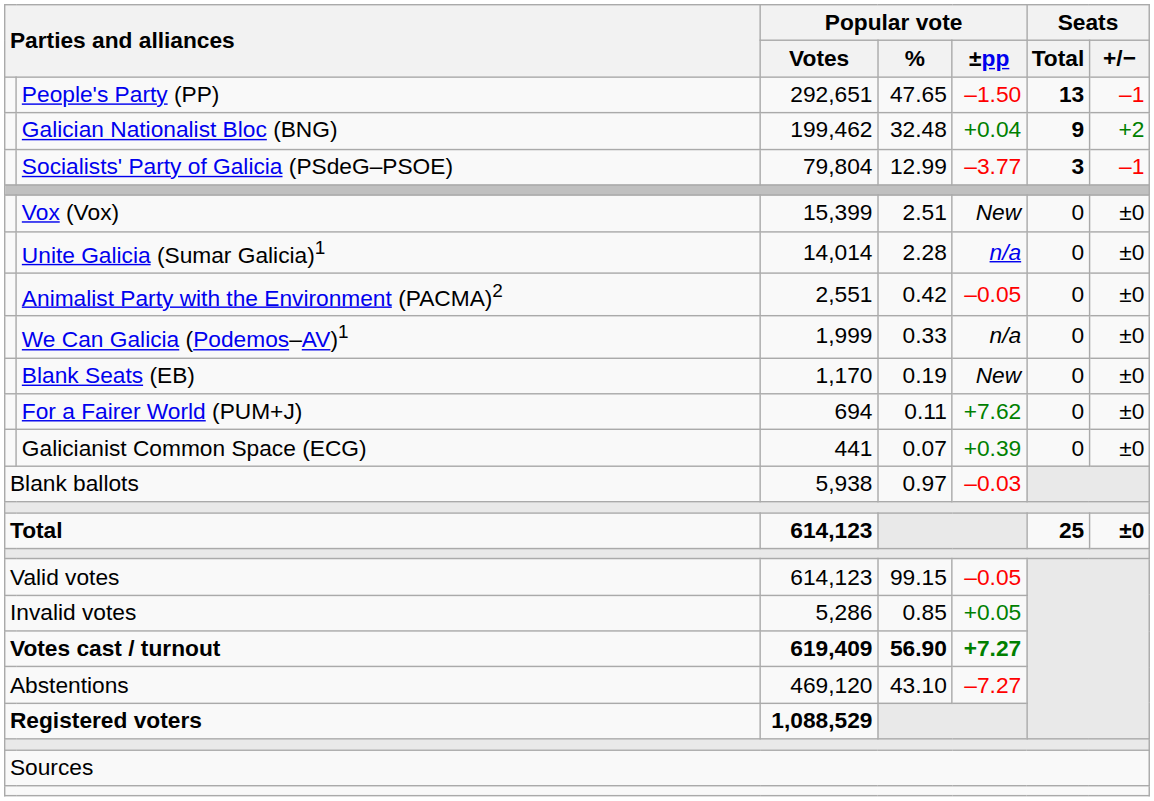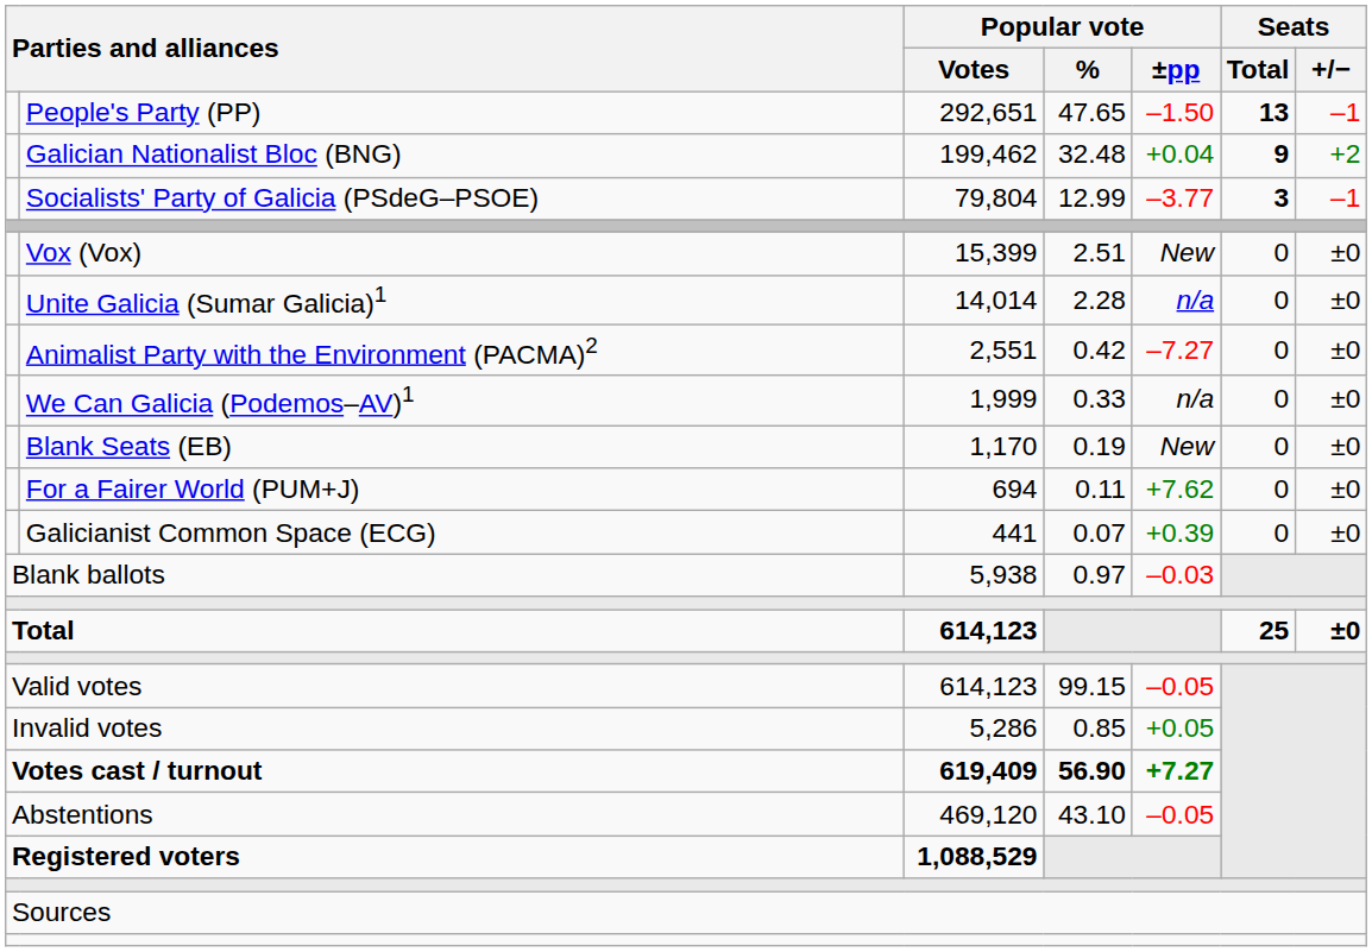 <table class="wikitable" style="text-align:right;">
 <tr>
 <th style="text-align:left;" rowspan="2" colspan="2" width="525">Parties and alliances</th>
 <th colspan="3">Popular vote</th>
 <th colspan="2">Seats</th>
 </tr>
 <tr>
 <th width="75">Votes</th>
 <th width="45">%</th>
 <th width="45">±<a href='#'>pp</a></th>
 <th width="35">Total</th>
 <th width="35">+/−</th>
 </tr>
 <tr>
 <td width="1" style="color:inherit;background:"></td>
 <td align="left"><a href='#'>People's Party</a> (PP)</td>
 <td>292,651</td>
 <td>47.65</td>
 <td style="color:red;">–1.50</td>
 <td><strong>13</strong></td>
 <td style="color:red;">–1</td>
 </tr>
 <tr>
 <td style="color:inherit;background:"></td>
 <td align="left"><a href='#'>Galician Nationalist Bloc</a> (BNG)</td>
 <td>199,462</td>
 <td>32.48</td>
 <td style="color:green;">+0.04</td>
 <td><strong>9</strong></td>
 <td style="color:green;">+2</td>
 </tr>
 <tr>
 <td style="color:inherit;background:"></td>
 <td align="left"><a href='#'>Socialists' Party of Galicia</a> (PSdeG–PSOE)</td>
 <td>79,804</td>
 <td>12.99</td>
 <td style="color:red;">–3.77</td>
 <td><strong>3</strong></td>
 <td style="color:red;">–1</td>
 </tr>
 <tr>
 <td colspan="7" bgcolor="#C0C0C0"></td>
 </tr>
 <tr>
 <td style="color:inherit;background:"></td>
 <td align="left"><a href='#'>Vox</a> (Vox)</td>
 <td>15,399</td>
 <td>2.51</td>
 <td><em>New</em></td>
 <td>0</td>
 <td>±0</td>
 </tr>
 <tr>
 <td style="color:inherit;background:"></td>
 <td align="left"><a href='#'>Unite Galicia</a> (Sumar Galicia)<sup>1</sup></td>
 <td>14,014</td>
 <td>2.28</td>
 <td><em><a href='#'>n/a</a></em></td>
 <td>0</td>
 <td>±0</td>
 </tr>
 <tr>
 <td style="color:inherit;background:"></td>
 <td align="left"><a href='#'>Animalist Party with the Environment</a> (PACMA)<sup>2</sup></td>
 <td>2,551</td>
 <td>0.42</td>
-<td style="color:red;">–0.05</td>
+<td style="color:red;">–7.27</td>
 <td>0</td>
 <td>±0</td>
 </tr>
 <tr>
 <td style="color:inherit;background:"></td>
 <td align="left"><a href='#'>We Can Galicia</a> (<a href='#'>Podemos</a>–<a href='#'>AV</a>)<sup>1</sup></td>
 <td>1,999</td>
 <td>0.33</td>
 <td><em>n/a</em></td>
 <td>0</td>
 <td>±0</td>
 </tr>
 <tr>
 <td style="color:inherit;background:"></td>
 <td align="left"><a href='#'>Blank Seats</a> (EB)</td>
 <td>1,170</td>
 <td>0.19</td>
 <td><em>New</em></td>
 <td>0</td>
 <td>±0</td>
 </tr>
 <tr>
 <td style="color:inherit;background:"></td>
 <td align="left"><a href='#'>For a Fairer World</a> (PUM+J)</td>
 <td>694</td>
 <td>0.11</td>
 <td style="color:green;">+7.62</td>
 <td>0</td>
 <td>±0</td>
 </tr>
 <tr>
 <td style="color:inherit;background:"></td>
 <td align="left">Galicianist Common Space (ECG)</td>
 <td>441</td>
 <td>0.07</td>
 <td style="color:green;">+0.39</td>
 <td>0</td>
 <td>±0</td>
 </tr>
 <tr>
 <td align="left" colspan="2">Blank ballots</td>
 <td>5,938</td>
 <td>0.97</td>
 <td style="color:red;">–0.03</td>
 <td bgcolor="#E9E9E9" colspan="2"></td>
 </tr>
 <tr>
 <td colspan="7" bgcolor="#E9E9E9"></td>
 </tr>
 <tr style="font-weight:bold;">
 <td align="left" colspan="2">Total</td>
 <td>614,123</td>
 <td bgcolor="#E9E9E9" colspan="2"></td>
 <td>25</td>
 <td>±0</td>
 </tr>
 <tr>
 <td colspan="7" bgcolor="#E9E9E9"></td>
 </tr>
 <tr>
 <td align="left" colspan="2">Valid votes</td>
 <td>614,123</td>
 <td>99.15</td>
 <td style="color:red;">–0.05</td>
 <td bgcolor="#E9E9E9" colspan="2" rowspan="5"></td>
 </tr>
 <tr>
 <td align="left" colspan="2">Invalid votes</td>
 <td>5,286</td>
 <td>0.85</td>
 <td style="color:green;">+0.05</td>
 </tr>
 <tr style="font-weight:bold;">
 <td align="left" colspan="2">Votes cast / turnout</td>
 <td>619,409</td>
 <td>56.90</td>
 <td style="color:green;">+7.27</td>
 </tr>
 <tr>
 <td align="left" colspan="2">Abstentions</td>
 <td>469,120</td>
 <td>43.10</td>
-<td style="color:red;">–7.27</td>
+<td style="color:red;">–0.05</td>
 </tr>
 <tr style="font-weight:bold;">
 <td align="left" colspan="2">Registered voters</td>
 <td>1,088,529</td>
 <td bgcolor="#E9E9E9" colspan="2"></td>
 </tr>
 <tr>
 <td colspan="7" bgcolor="#E9E9E9"></td>
 </tr>
 <tr>
 <td align="left" colspan="7">Sources</td>
 </tr>
 <tr>
 <td colspan="7" style="text-align:left; max-width:790px;"></td>
 </tr>
 </table>
